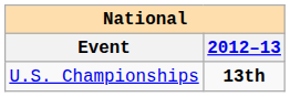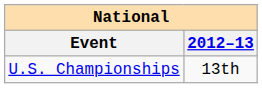 <table class="wikitable" style="text-align:center">
 <tr>
 <th style="background-color: #ffdead; " colspan=2 align=center>National</th>
 </tr>
 <tr>
 <th>Event</th>
 <th><a href='#'>2012–13</a></th>
 </tr>
 <tr>
 <td align=left><a href='#'>U.S. Championships</a></td>
-<td><strong>13th</strong></td>
+<td>13th</td>
 </tr>
 </table>
